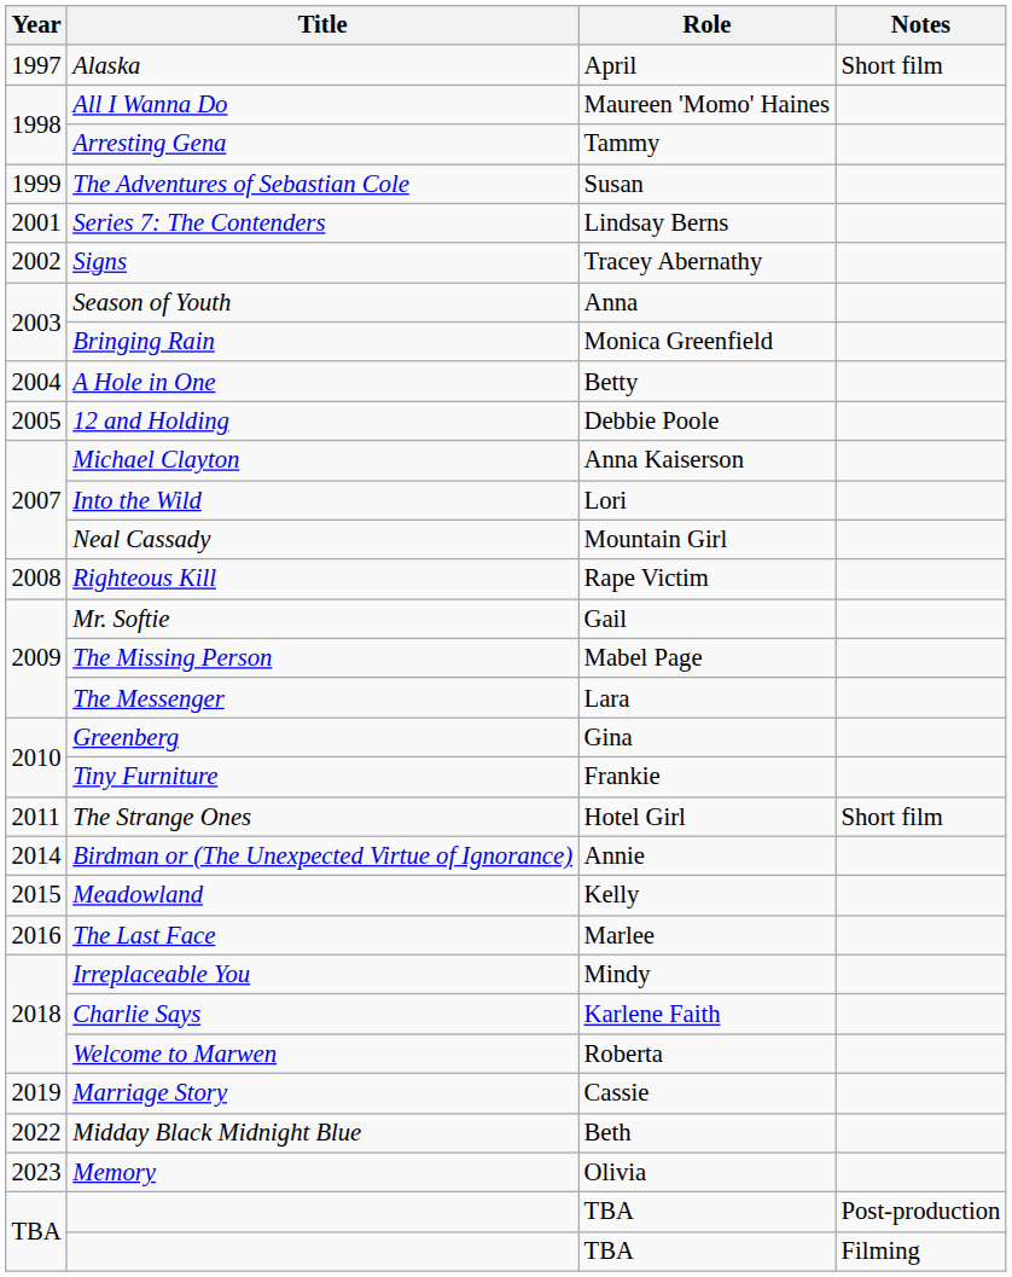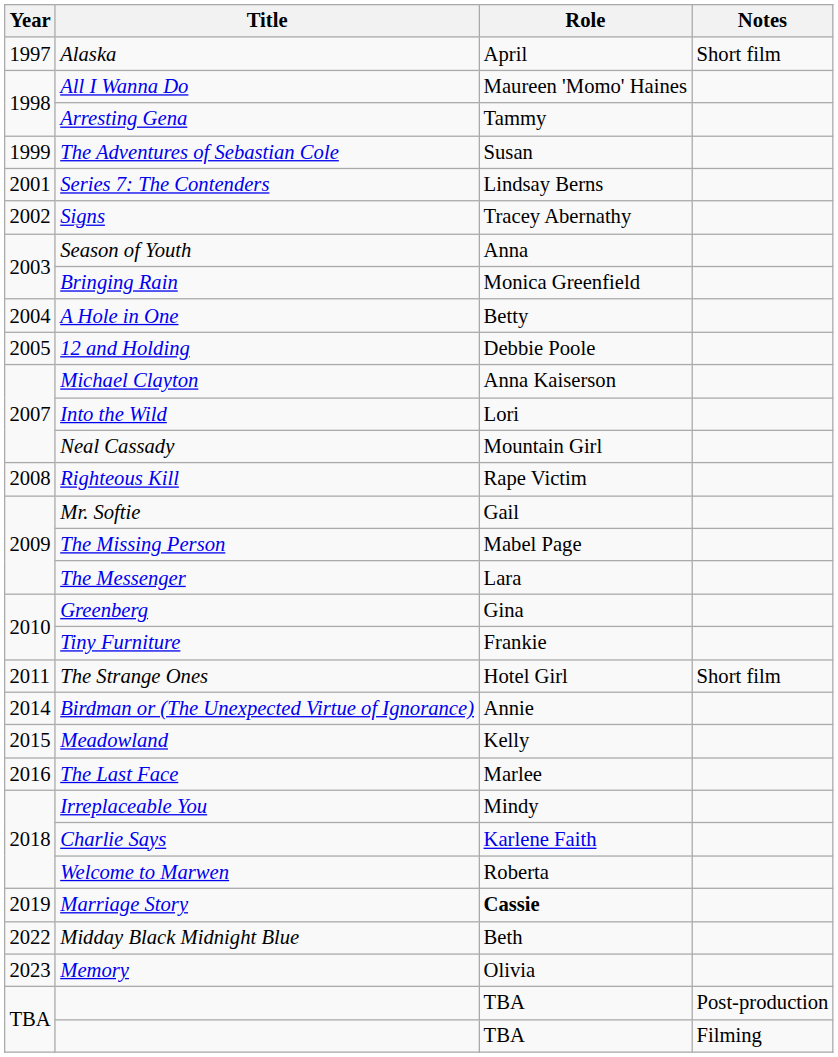 <table class="wikitable sortable">
 <tr>
 <th>Year</th>
 <th>Title</th>
 <th>Role</th>
 <th class="unsortable">Notes</th>
 </tr>
 <tr>
 <td>1997</td>
 <td><em>Alaska</em></td>
 <td>April</td>
 <td>Short film</td>
 </tr>
 <tr>
 <td rowspan="2">1998</td>
 <td><em><a href='#'>All I Wanna Do</a></em></td>
 <td>Maureen 'Momo' Haines</td>
 <td></td>
 </tr>
 <tr>
 <td><em><a href='#'>Arresting Gena</a></em></td>
 <td>Tammy</td>
 <td></td>
 </tr>
 <tr>
 <td>1999</td>
 <td><em><a href='#'>The Adventures of Sebastian Cole</a></em></td>
 <td>Susan</td>
 <td></td>
 </tr>
 <tr>
 <td>2001</td>
 <td><em><a href='#'>Series 7: The Contenders</a></em></td>
 <td>Lindsay Berns</td>
 <td></td>
 </tr>
 <tr>
 <td>2002</td>
 <td><em><a href='#'>Signs</a></em></td>
 <td>Tracey Abernathy</td>
 <td></td>
 </tr>
 <tr>
 <td rowspan="2">2003</td>
 <td><em>Season of Youth</em></td>
 <td>Anna</td>
 <td></td>
 </tr>
 <tr>
 <td><em><a href='#'>Bringing Rain</a></em></td>
 <td>Monica Greenfield</td>
 <td></td>
 </tr>
 <tr>
 <td>2004</td>
 <td><em><a href='#'>A Hole in One</a></em></td>
 <td>Betty</td>
 <td></td>
 </tr>
 <tr>
 <td>2005</td>
 <td><em><a href='#'>12 and Holding</a></em></td>
 <td>Debbie Poole</td>
 <td></td>
 </tr>
 <tr>
 <td rowspan="3">2007</td>
 <td><em><a href='#'>Michael Clayton</a></em></td>
 <td>Anna Kaiserson</td>
 <td></td>
 </tr>
 <tr>
 <td><em><a href='#'>Into the Wild</a></em></td>
 <td>Lori</td>
 <td></td>
 </tr>
 <tr>
 <td><em>Neal Cassady</em></td>
 <td>Mountain Girl</td>
 <td></td>
 </tr>
 <tr>
 <td>2008</td>
 <td><em><a href='#'>Righteous Kill</a></em></td>
 <td>Rape Victim</td>
 <td></td>
 </tr>
 <tr>
 <td rowspan="3">2009</td>
 <td><em>Mr. Softie</em></td>
 <td>Gail</td>
 <td></td>
 </tr>
 <tr>
 <td><em><a href='#'>The Missing Person</a></em></td>
 <td>Mabel Page</td>
 <td></td>
 </tr>
 <tr>
 <td><em><a href='#'>The Messenger</a></em></td>
 <td>Lara</td>
 <td></td>
 </tr>
 <tr>
 <td rowspan="2">2010</td>
 <td><em><a href='#'>Greenberg</a></em></td>
 <td>Gina</td>
 <td></td>
 </tr>
 <tr>
 <td><em><a href='#'>Tiny Furniture</a></em></td>
 <td>Frankie</td>
 <td></td>
 </tr>
 <tr>
 <td>2011</td>
 <td><em>The Strange Ones</em></td>
 <td>Hotel Girl</td>
 <td>Short film</td>
 </tr>
 <tr>
 <td>2014</td>
 <td><em><a href='#'>Birdman or (The Unexpected Virtue of Ignorance)</a></em></td>
 <td>Annie</td>
 <td></td>
 </tr>
 <tr>
 <td>2015</td>
 <td><em><a href='#'>Meadowland</a></em></td>
 <td>Kelly</td>
 <td></td>
 </tr>
 <tr>
 <td>2016</td>
 <td><em><a href='#'>The Last Face</a></em></td>
 <td>Marlee</td>
 <td></td>
 </tr>
 <tr>
 <td rowspan="3">2018</td>
 <td><em><a href='#'>Irreplaceable You</a></em></td>
 <td>Mindy</td>
 <td></td>
 </tr>
 <tr>
 <td><em><a href='#'>Charlie Says</a></em></td>
 <td><a href='#'>Karlene Faith</a></td>
 <td></td>
 </tr>
 <tr>
 <td><em><a href='#'>Welcome to Marwen</a></em></td>
 <td>Roberta</td>
 <td></td>
 </tr>
 <tr>
 <td>2019</td>
 <td><em><a href='#'>Marriage Story</a></em></td>
-<td>Cassie</td>
+<td><strong>Cassie</strong></td>
 <td></td>
 </tr>
 <tr>
 <td>2022</td>
 <td><em>Midday Black Midnight Blue</em></td>
 <td>Beth</td>
 <td></td>
 </tr>
 <tr>
 <td>2023</td>
 <td><em><a href='#'>Memory</a></em></td>
 <td>Olivia</td>
 <td></td>
 </tr>
 <tr>
 <td rowspan="2">TBA</td>
 <td></td>
 <td>TBA</td>
 <td>Post-production</td>
 </tr>
 <tr>
 <td></td>
 <td>TBA</td>
 <td>Filming</td>
 </tr>
 </table>
